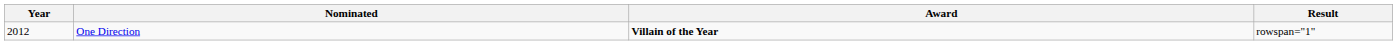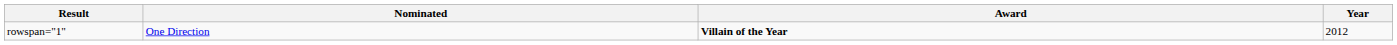 <table class="wikitable" style="width:100%;">
 <tr>
-<th width=5%>Year</th>
+<th style="width:10%;">Result</th>
 <th style="width:40%;">Nominated</th>
 <th style="width:45%;">Award</th>
-<th style="width:10%;">Result</th>
+<th width=5%>Year</th>
 </tr>
 <tr>
-<td>2012</td>
+<td>rowspan="1" </td>
 <td><a href='#'>One Direction</a></td>
 <td><strong>Villain of the Year</strong></td>
-<td>rowspan="1" </td>
+<td>2012</td>
 </tr>
 </table>
